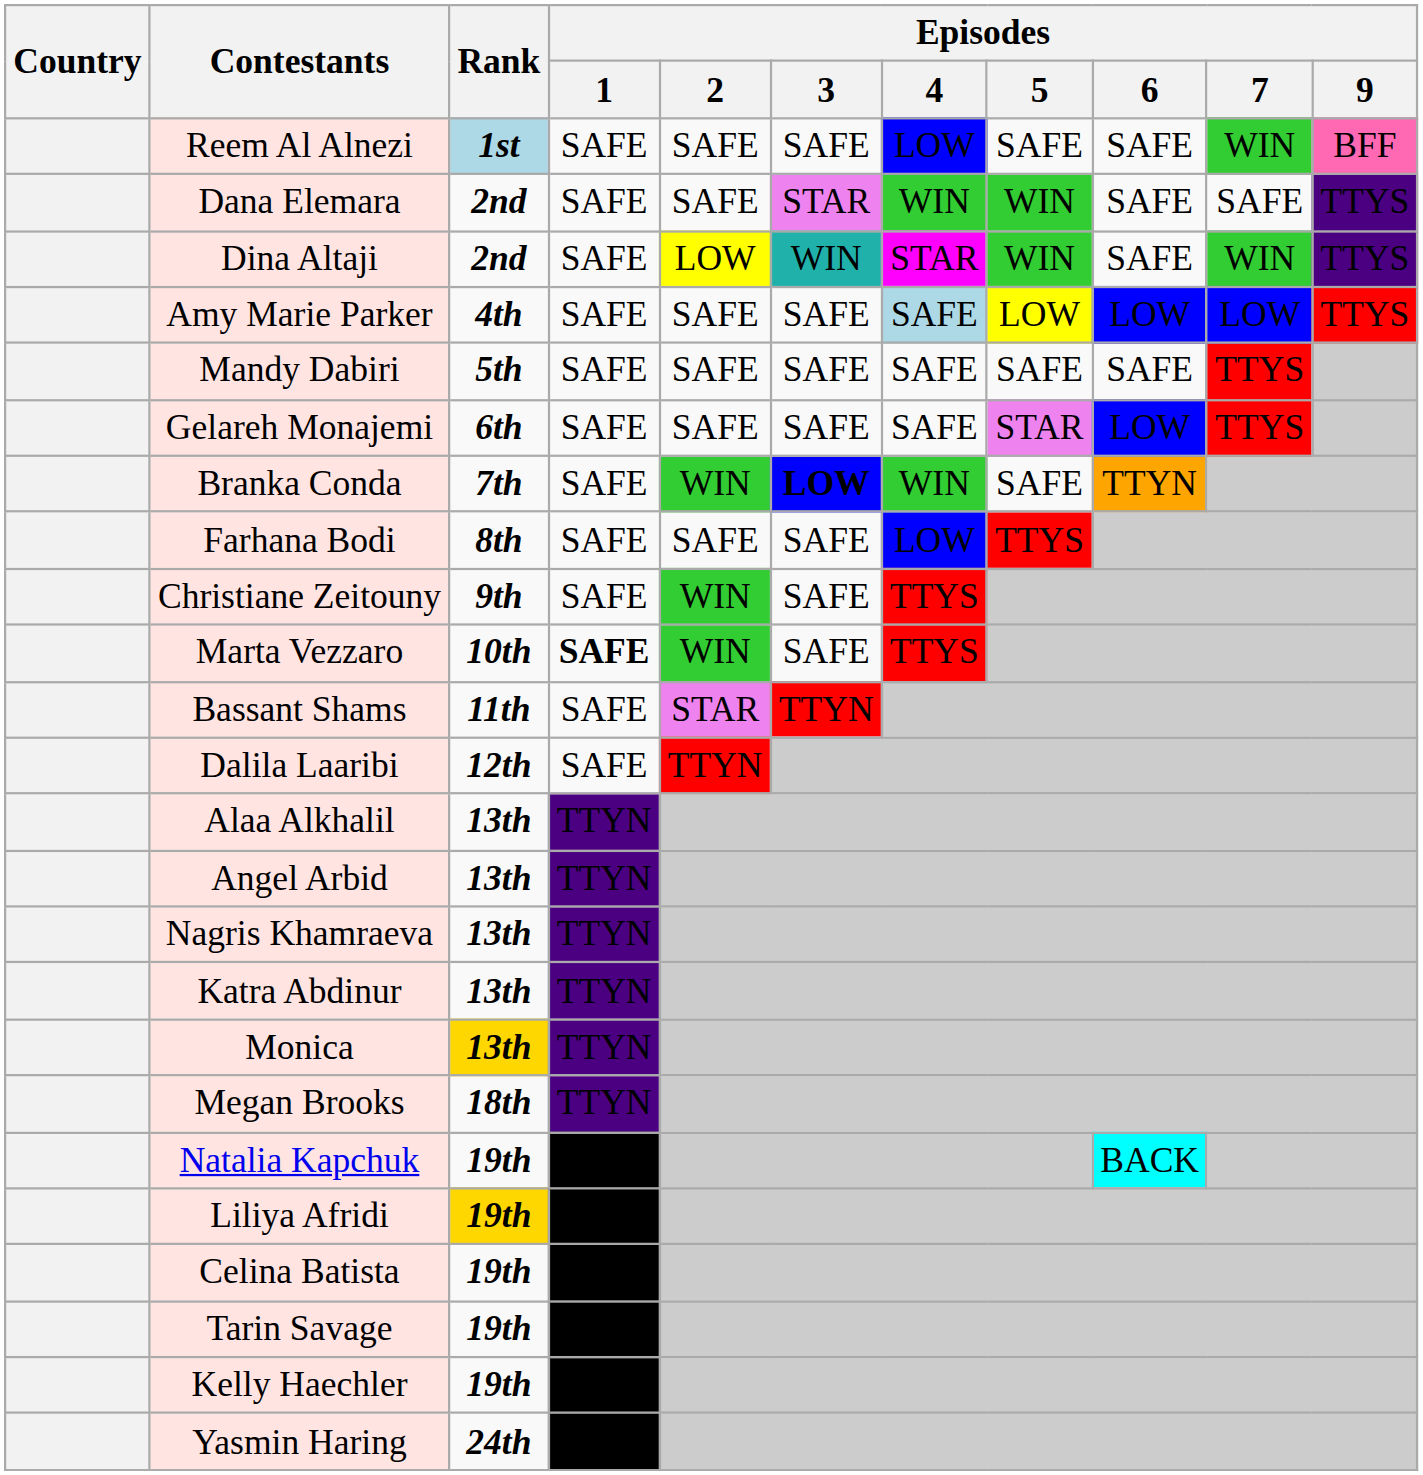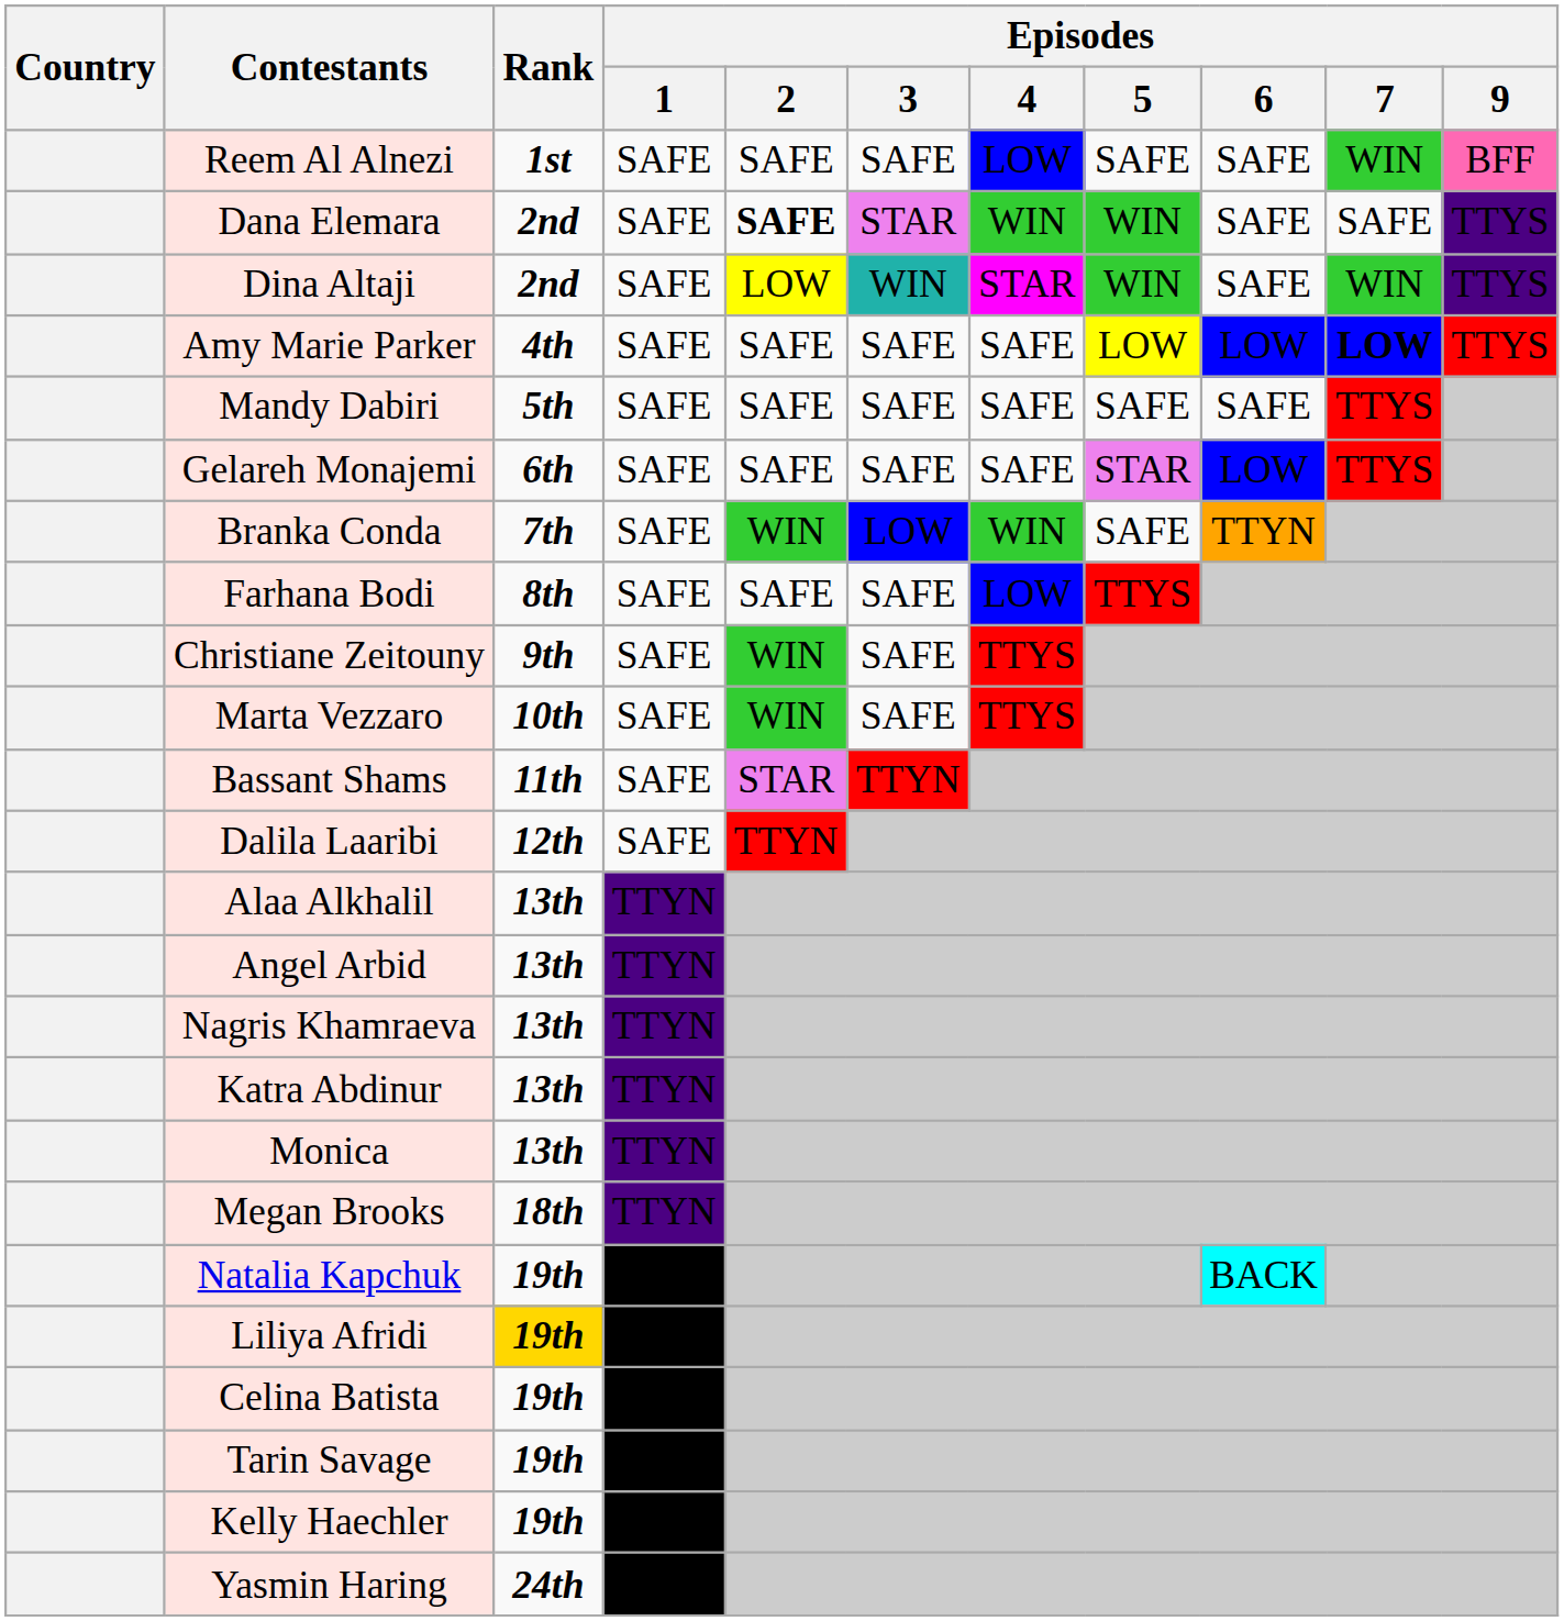 <table class="wikitable" style="text-align:center">
 <tr>
 <th rowspan=2>Country</th>
 <th rowspan=2>Contestants</th>
 <th rowspan=2>Rank</th>
 <th colspan=9>Episodes</th>
 </tr>
 <tr>
 <th>1</th>
 <th>2</th>
 <th>3</th>
 <th>4</th>
 <th>5</th>
 <th>6</th>
 <th>7</th>
 <th>9</th>
 </tr>
 <tr>
 <th></th>
 <td bgcolor="mistyrose">Reem Al Alnezi</td>
-<td style="background: lightblue;"><strong><em>1st</em></strong></td>
+<td><strong><em>1st</em></strong></td>
 <td>SAFE</td>
 <td>SAFE</td>
 <td>SAFE</td>
 <td bgcolor="blue"><span>LOW</span></td>
 <td>SAFE</td>
 <td>SAFE</td>
 <td bgcolor="limegreen">WIN</td>
 <td bgcolor="hotpink">BFF</td>
 </tr>
 <tr>
 <th></th>
 <td bgcolor="mistyrose">Dana Elemara</td>
 <td><strong><em>2nd</em></strong></td>
 <td>SAFE</td>
-<td>SAFE</td>
+<td><strong>SAFE</strong></td>
 <td bgcolor="violet"><span>STAR</span></td>
 <td bgcolor="limegreen">WIN</td>
 <td bgcolor="limegreen">WIN</td>
 <td>SAFE</td>
 <td>SAFE</td>
 <td bgcolor="indigo"><span>TTYS</span></td>
 </tr>
 <tr>
 <th></th>
 <td bgcolor="mistyrose">Dina Altaji</td>
 <td><strong><em>2nd</em></strong></td>
 <td>SAFE</td>
 <td bgcolor="yellow">LOW</td>
 <td bgcolor="lightseagreen">WIN</td>
 <td bgcolor="magenta"><span>STAR</span></td>
 <td bgcolor="limegreen">WIN</td>
 <td>SAFE</td>
 <td bgcolor="limegreen">WIN</td>
 <td bgcolor="indigo"><span>TTYS</span></td>
 </tr>
 <tr>
 <th></th>
 <td bgcolor="mistyrose">Amy Marie Parker</td>
 <td><strong><em>4th</em></strong></td>
 <td>SAFE</td>
 <td>SAFE</td>
 <td>SAFE</td>
-<td style="background: lightblue;">SAFE</td>
+<td>SAFE</td>
 <td bgcolor="yellow">LOW</td>
 <td bgcolor="blue"><span>LOW</span></td>
-<td bgcolor="blue"><span>LOW</span></td>
+<td bgcolor="blue"><strong><span>LOW</span></strong></td>
 <td bgcolor="red">TTYS</td>
 </tr>
 <tr>
 <th></th>
 <td bgcolor="mistyrose">Mandy Dabiri</td>
 <td><strong><em>5th</em></strong></td>
 <td>SAFE</td>
 <td>SAFE</td>
 <td>SAFE</td>
 <td>SAFE</td>
 <td>SAFE</td>
 <td>SAFE</td>
 <td bgcolor="red">TTYS</td>
 <td bgcolor="#CCCCCC" colspan=8></td>
 </tr>
 <tr>
 <th></th>
 <td bgcolor="mistyrose">Gelareh Monajemi</td>
 <td><strong><em>6th</em></strong></td>
 <td>SAFE</td>
 <td>SAFE</td>
 <td>SAFE</td>
 <td>SAFE</td>
 <td bgcolor="violet"><span>STAR</span></td>
 <td bgcolor="blue"><span>LOW</span></td>
 <td bgcolor="red">TTYS</td>
 <td bgcolor="#CCCCCC" colspan=8></td>
 </tr>
 <tr>
 <th></th>
 <td bgcolor="mistyrose">Branka Conda</td>
 <td><strong><em>7th</em></strong></td>
 <td>SAFE</td>
 <td bgcolor="limegreen">WIN</td>
-<td bgcolor="blue"><strong><span>LOW</span></strong></td>
+<td bgcolor="blue"><span>LOW</span></td>
 <td bgcolor="limegreen">WIN</td>
 <td>SAFE</td>
 <td bgcolor="orange"><span>TTYN</span></td>
 <td bgcolor="#CCCCCC" colspan=8></td>
 </tr>
 <tr>
 <th></th>
 <td bgcolor="mistyrose">Farhana Bodi</td>
 <td><strong><em>8th</em></strong></td>
 <td>SAFE</td>
 <td>SAFE</td>
 <td>SAFE</td>
 <td bgcolor="blue"><span>LOW</span></td>
 <td bgcolor="red">TTYS</td>
 <td bgcolor="#CCCCCC" colspan=8></td>
 </tr>
 <tr>
 <th></th>
 <td bgcolor="mistyrose">Christiane Zeitouny</td>
 <td><strong><em>9th</em></strong></td>
 <td>SAFE</td>
 <td bgcolor="limegreen">WIN</td>
 <td>SAFE</td>
 <td bgcolor="red">TTYS</td>
 <td bgcolor="#CCCCCC" colspan=8></td>
 </tr>
 <tr>
 <th></th>
 <td bgcolor="mistyrose">Marta Vezzaro</td>
 <td><strong><em>10th</em></strong></td>
-<td><strong>SAFE</strong></td>
+<td>SAFE</td>
 <td bgcolor="limegreen">WIN</td>
 <td>SAFE</td>
 <td bgcolor="red">TTYS</td>
 <td bgcolor="#CCCCCC" colspan=8></td>
 </tr>
 <tr>
 <th></th>
 <td bgcolor="mistyrose">Bassant Shams</td>
 <td><strong><em>11th</em></strong></td>
 <td>SAFE</td>
 <td bgcolor="violet"><span>STAR</span></td>
 <td bgcolor="red">TTYN</td>
 <td bgcolor="#CCCCCC" colspan=8></td>
 </tr>
 <tr>
 <th></th>
 <td bgcolor="mistyrose">Dalila Laaribi</td>
 <td><strong><em>12th</em></strong></td>
 <td>SAFE</td>
 <td bgcolor="red">TTYN</td>
 <td bgcolor="#CCCCCC" colspan=9></td>
 </tr>
 <tr>
 <th></th>
 <td bgcolor="mistyrose">Alaa Alkhalil</td>
 <td><strong><em>13th</em></strong></td>
 <td bgcolor="indigo"><span>TTYN</span></td>
 <td bgcolor="#CCCCCC" colspan=10></td>
 </tr>
 <tr>
 <th></th>
 <td bgcolor="mistyrose">Angel Arbid</td>
 <td><strong><em>13th</em></strong></td>
 <td bgcolor="indigo"><span>TTYN</span></td>
 <td bgcolor="#CCCCCC" colspan=10></td>
 </tr>
 <tr>
 <th></th>
 <td bgcolor="mistyrose">Nagris Khamraeva</td>
 <td><strong><em>13th</em></strong></td>
 <td bgcolor="indigo"><span>TTYN</span></td>
 <td bgcolor="#CCCCCC" colspan=10></td>
 </tr>
 <tr>
 <th></th>
 <td bgcolor="mistyrose">Katra Abdinur</td>
 <td><strong><em>13th</em></strong></td>
 <td bgcolor="indigo"><span>TTYN</span></td>
 <td bgcolor="#CCCCCC" colspan=10></td>
 </tr>
 <tr>
 <th></th>
 <td bgcolor="mistyrose">Monica</td>
-<td style="background: gold;"><strong><em>13th</em></strong></td>
+<td><strong><em>13th</em></strong></td>
 <td bgcolor="indigo"><span>TTYN</span></td>
 <td bgcolor="#CCCCCC" colspan=10></td>
 </tr>
 <tr>
 <th></th>
 <td bgcolor="mistyrose">Megan Brooks</td>
 <td><strong><em>18th</em></strong></td>
 <td bgcolor="indigo"><span>TTYN</span></td>
 <td bgcolor="#CCCCCC" colspan=10></td>
 </tr>
 <tr>
 <th></th>
 <td bgcolor="mistyrose"><a href='#'>Natalia Kapchuk</a></td>
 <td><strong><em>19th</em></strong></td>
 <td bgcolor="black"><span>TTYN</span></td>
 <td bgcolor="#CCCCCC" colspan=4></td>
 <td bgcolor="aqua">BACK</td>
 <td bgcolor="#CCCCCC" colspan=2></td>
 </tr>
 <tr>
 <th></th>
 <td bgcolor="mistyrose">Liliya Afridi</td>
 <td style="background: gold;"><strong><em>19th</em></strong></td>
 <td bgcolor="black"><span>TTYN</span></td>
 <td bgcolor="#CCCCCC" colspan=10></td>
 </tr>
 <tr>
 <th></th>
 <td bgcolor="mistyrose">Celina Batista</td>
 <td><strong><em>19th</em></strong></td>
 <td bgcolor="black"><span>TTYN</span></td>
 <td bgcolor="#CCCCCC" colspan=10></td>
 </tr>
 <tr>
 <th></th>
 <td bgcolor="mistyrose">Tarin Savage</td>
 <td><strong><em>19th</em></strong></td>
 <td bgcolor="black"><span>TTYN</span></td>
 <td bgcolor="#CCCCCC" colspan=10></td>
 </tr>
 <tr>
 <th></th>
 <td bgcolor="mistyrose">Kelly Haechler</td>
 <td><strong><em>19th</em></strong></td>
 <td bgcolor="black"><span>TTYN</span></td>
 <td bgcolor="#CCCCCC" colspan=10></td>
 </tr>
 <tr>
 <th></th>
 <td bgcolor="mistyrose">Yasmin Haring</td>
 <td><strong><em>24th</em></strong></td>
 <td bgcolor="black"><span>TTYN</span></td>
 <td bgcolor="#CCCCCC" colspan=10></td>
 </tr>
 <tr>
 </tr>
 </table>
